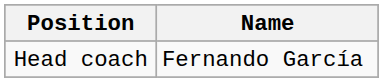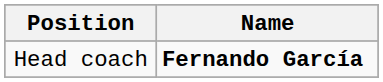 <table class="wikitable" style="text-align:center; font-size:100%; width:35%;">
 <tr>
 <th>Position</th>
 <th>Name</th>
 </tr>
 <tr>
 <td>Head coach</td>
-<td align=left> Fernando García</td>
+<td align=left><strong> Fernando García</strong></td>
 </tr>
 </table>
